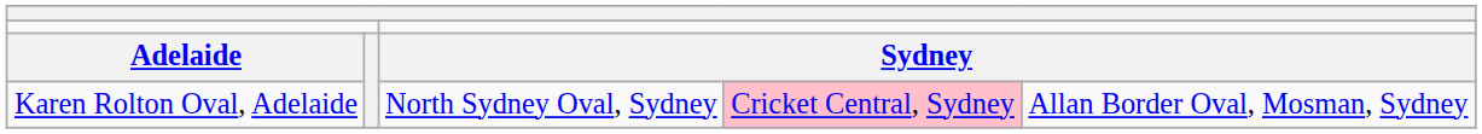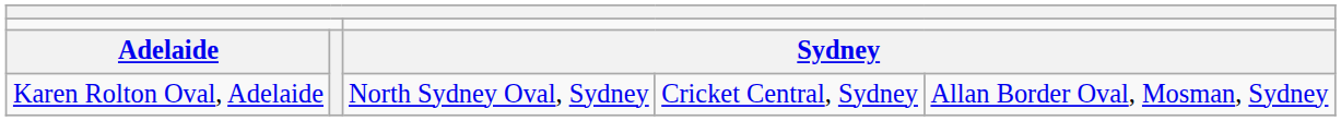 <table class="wikitable" style="text-align:center;margin:auto;font-size:87.5%;">
 <tr>
 <th colspan="5"></th>
 </tr>
 <tr>
 <td colspan="2"></td>
 </tr>
 <tr>
 <th><a href='#'>Adelaide</a></th>
 <th rowspan="5"></th>
 <th colspan="3"><a href='#'>Sydney</a></th>
 </tr>
 <tr>
 <td><a href='#'>Karen Rolton Oval</a>, <a href='#'>Adelaide</a></td>
 <td><a href='#'>North Sydney Oval</a>, <a href='#'>Sydney</a></td>
-<td style="background: pink;"><a href='#'>Cricket Central</a>, <a href='#'>Sydney</a></td>
+<td><a href='#'>Cricket Central</a>, <a href='#'>Sydney</a></td>
 <td><a href='#'>Allan Border Oval</a>, <a href='#'>Mosman</a>, <a href='#'>Sydney</a></td>
 </tr>
 </table>
